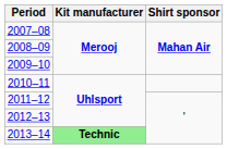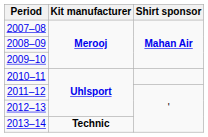 <table class="wikitable" style="text-align: center">
 <tr>
 <th>Period</th>
 <th>Kit manufacturer</th>
 <th>Shirt sponsor</th>
 </tr>
 <tr>
 <td><a href='#'>2007–08</a></td>
 <td rowspan=3> <strong><a href='#'>Merooj</a></strong></td>
 <td rowspan=3> <strong><a href='#'>Mahan Air</a></strong></td>
 </tr>
 <tr>
 <td><a href='#'>2008–09</a></td>
 </tr>
 <tr>
 <td><a href='#'>2009–10</a></td>
 </tr>
 <tr>
 <td><a href='#'>2010–11</a></td>
 <td rowspan=3> <strong><a href='#'>Uhlsport</a></strong></td>
 <td> <strong></strong></td>
 </tr>
 <tr>
 <td><a href='#'>2011–12</a></td>
 <td rowspan=3> <strong></strong>'</td>
 </tr>
 <tr>
 <td><a href='#'>2012–13</a></td>
 </tr>
 <tr>
 <td><a href='#'>2013–14</a></td>
-<td style="background: lightgreen;"> <strong>Technic</strong></td>
+<td> <strong>Technic</strong></td>
 </tr>
 </table>
